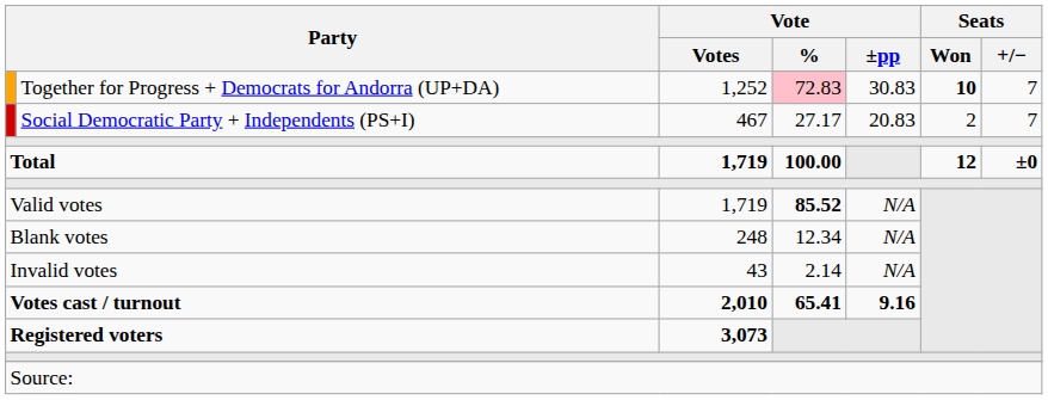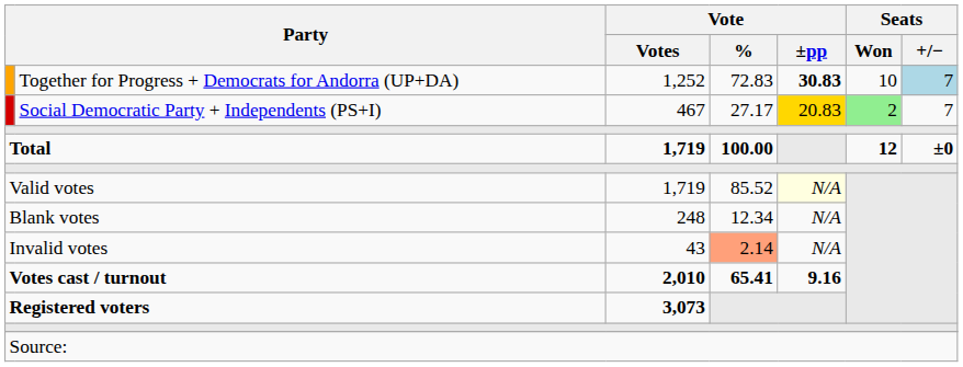 <table class="wikitable" style="text-align:right; font-size:100%; margin-bottom:0">
 <tr>
 <th align="left" rowspan="2" colspan="2" width="500">Party</th>
 <th colspan="3">Vote</th>
 <th colspan="2">Seats</th>
 </tr>
 <tr>
 <th width="80">Votes</th>
 <th width="50">%</th>
 <th width="50">±<a href='#'>pp</a></th>
 <th width="40">Won</th>
 <th width="40">+/−</th>
 </tr>
 <tr>
 <td width="1" bgcolor="orange"></td>
 <td align="left">Together for Progress + <a href='#'>Democrats for Andorra</a> (UP+DA)</td>
 <td>1,252</td>
-<td style="background: pink;">72.83</td>
-<td>30.83</td>
-<td><strong>10</strong></td>
-<td>7</td>
+<td>72.83</td>
+<td><strong>30.83</strong></td>
+<td>10</td>
+<td style="background: lightblue;">7</td>
 </tr>
 <tr>
 <td width="1" style="color:inherit;background:#D40000"></td>
 <td align="left"><a href='#'>Social Democratic Party</a> + <a href='#'>Independents</a> (PS+I)</td>
 <td>467</td>
 <td>27.17</td>
-<td>20.83</td>
-<td>2</td>
+<td style="background: gold;">20.83</td>
+<td style="background: lightgreen;">2</td>
 <td>7</td>
 </tr>
 <tr>
 <td colspan="7" bgcolor="#E9E9E9"></td>
 </tr>
 <tr style="font-weight:bold;">
 <td align="left" colspan="2">Total</td>
 <td>1,719</td>
 <td>100.00</td>
 <td bgcolor="#E9E9E9"></td>
 <td>12</td>
 <td>±0</td>
 </tr>
 <tr>
 <td colspan="7" bgcolor="#E9E9E9"></td>
 </tr>
 <tr>
 <td align="left" colspan="2">Valid votes</td>
 <td>1,719</td>
-<td><strong>85.52</strong></td>
-<td><em>N/A</em></td>
+<td>85.52</td>
+<td style="background: lightyellow;"><em>N/A</em></td>
 <td bgcolor="#E9E9E9" colspan="2" rowspan="5"></td>
 </tr>
 <tr>
 <td align="left" colspan="2">Blank votes</td>
 <td>248</td>
 <td>12.34</td>
 <td><em>N/A</em></td>
 </tr>
 <tr>
 <td align="left" colspan="2">Invalid votes</td>
 <td>43</td>
-<td>2.14</td>
+<td style="background: lightsalmon;">2.14</td>
 <td><em>N/A</em></td>
 </tr>
 <tr style="font-weight:bold;">
 <td align="left" colspan="2">Votes cast / turnout</td>
 <td>2,010</td>
 <td>65.41</td>
 <td>9.16</td>
 </tr>
 <tr style="font-weight:bold;">
 <td align="left" colspan="2">Registered voters</td>
 <td>3,073</td>
 <td bgcolor="#E9E9E9" colspan="2"></td>
 </tr>
 <tr>
 <td colspan="7" bgcolor="#E9E9E9"></td>
 </tr>
 <tr>
 </tr>
 <tr>
 <td align="left" colspan="7">Source: </td>
 </tr>
 </table>
